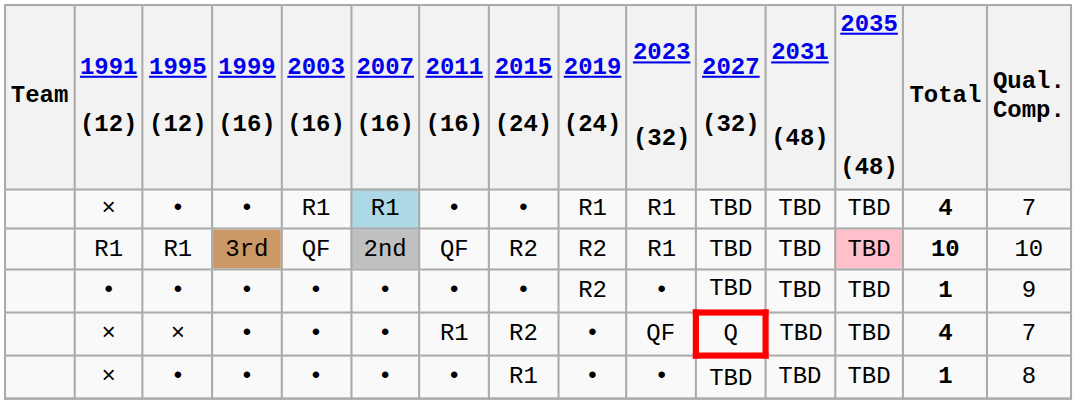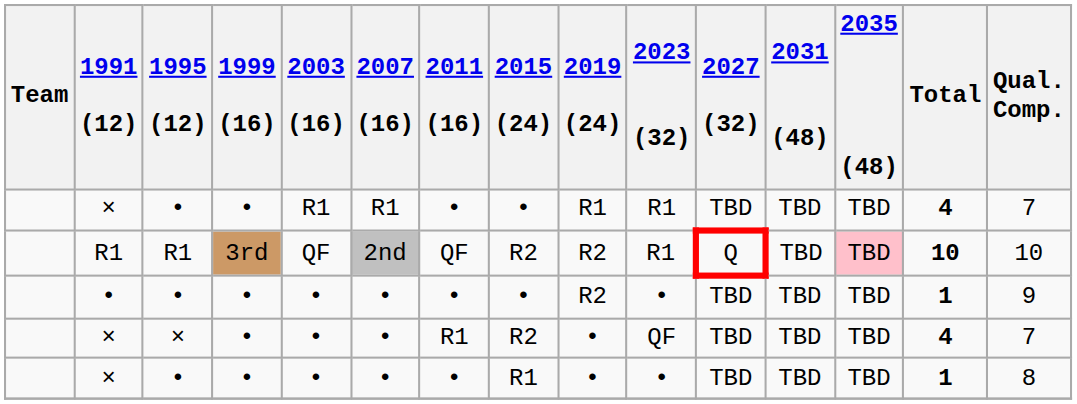 <table class="wikitable" style="text-align: center;  font-size:90%;">
 <tr>
 <th>Team</th>
 <th><a href='#'>1991</a><br><br>(12)</th>
 <th><a href='#'>1995</a><br><br>(12)</th>
 <th><a href='#'>1999</a><br><br>(16)</th>
 <th><a href='#'>2003</a><br><br>(16)</th>
 <th><a href='#'>2007</a><br><br>(16)</th>
 <th><a href='#'>2011</a><br><br>(16)</th>
 <th><a href='#'>2015</a><br><br>(24)</th>
 <th><a href='#'>2019</a><br><br>(24)</th>
 <th><a href='#'>2023</a><br><br><br>(32)</th>
 <th><a href='#'>2027</a><br><br>(32)</th>
 <th><a href='#'>2031</a><br><br><br>(48)</th>
 <th><a href='#'>2035</a><br><br><br><br><br>(48)</th>
 <th>Total</th>
 <th>Qual.<br>Comp.</th>
 </tr>
 <tr>
 <td align=left></td>
 <td>×</td>
 <td>•</td>
 <td>•</td>
 <td>R1<br></td>
-<td style="background: lightblue;">R1<br></td>
+<td>R1<br></td>
 <td>•</td>
 <td>•</td>
 <td>R1<br></td>
 <td>R1<br></td>
 <td>TBD</td>
 <td>TBD</td>
 <td>TBD</td>
 <td><strong>4</strong></td>
 <td>7</td>
 </tr>
 <tr>
 <td align=left></td>
 <td>R1<br></td>
 <td>R1<br></td>
 <td bgcolor=#cc9966>3rd</td>
 <td>QF<br></td>
 <td bgcolor=silver>2nd</td>
 <td>QF<br></td>
 <td>R2<br></td>
 <td>R2<br></td>
 <td>R1<br></td>
-<td>TBD</td>
+<td style="border:3px solid red">Q</td>
 <td>TBD</td>
 <td style="background: pink;">TBD</td>
 <td><strong>10</strong></td>
 <td>10</td>
 </tr>
 <tr>
 <td align=left></td>
 <td>•</td>
 <td>•</td>
 <td>•</td>
 <td>•</td>
 <td>•</td>
 <td>•</td>
 <td>•</td>
 <td>R2<br></td>
 <td>•</td>
 <td>TBD</td>
 <td>TBD</td>
 <td>TBD</td>
 <td><strong>1</strong></td>
 <td>9</td>
 </tr>
 <tr>
 <td align=left></td>
 <td>×</td>
 <td>×</td>
 <td>•</td>
 <td>•</td>
 <td>•</td>
 <td>R1<br></td>
 <td>R2<br></td>
 <td>•</td>
 <td>QF<br></td>
-<td style="border:3px solid red">Q</td>
+<td>TBD</td>
 <td>TBD</td>
 <td>TBD</td>
 <td><strong>4</strong></td>
 <td>7</td>
 </tr>
 <tr>
 <td align=left></td>
 <td>×</td>
 <td>•</td>
 <td>•</td>
 <td>•</td>
 <td>•</td>
 <td>•</td>
 <td>R1<br></td>
 <td>•</td>
 <td>•</td>
 <td>TBD</td>
 <td>TBD</td>
 <td>TBD</td>
 <td><strong>1</strong></td>
 <td>8</td>
 </tr>
 <tr>
 </tr>
 </table>
